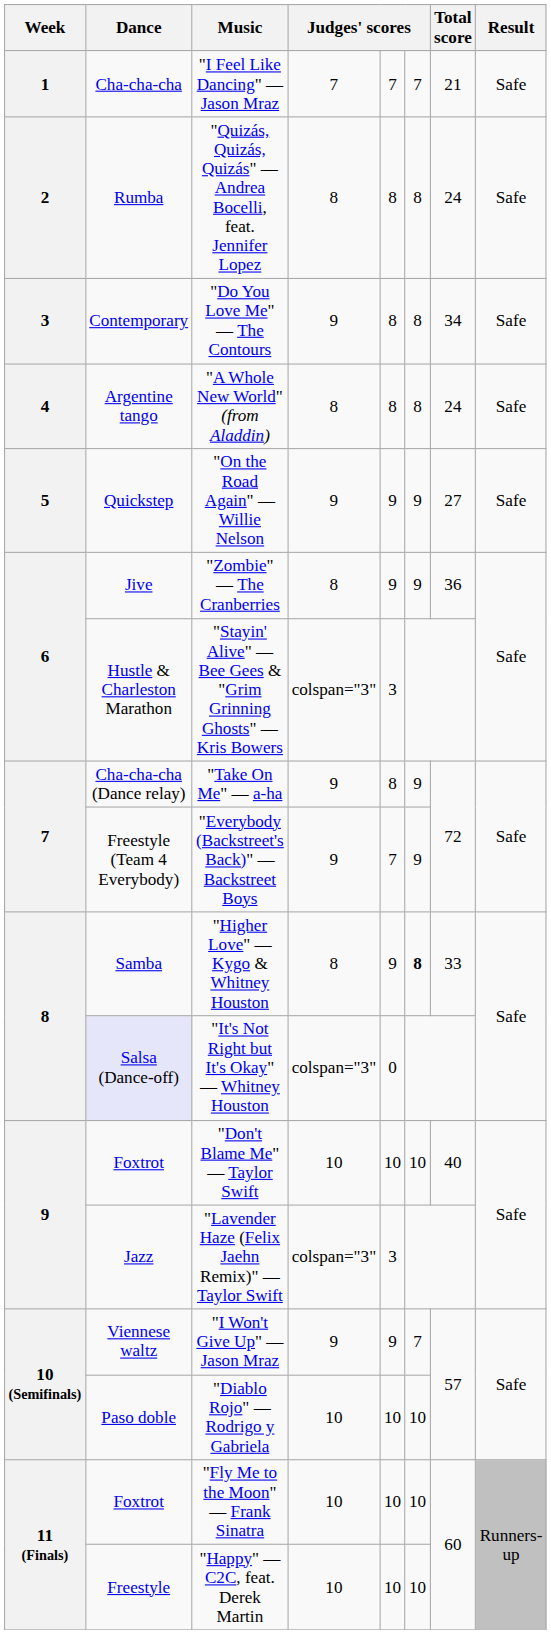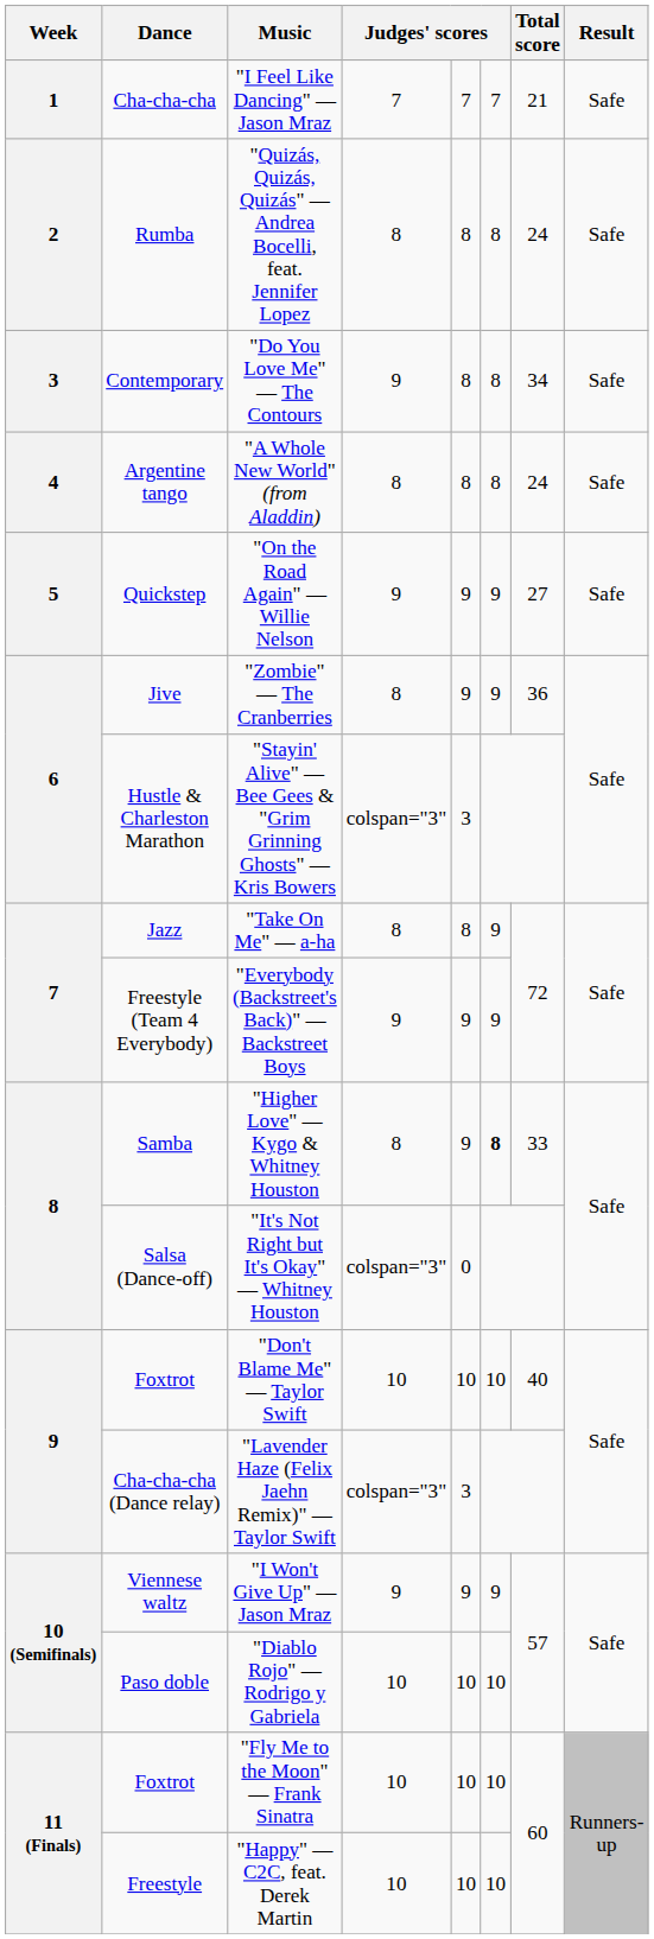 <table class="wikitable unsortable" style="text-align:center; width:80%">
 <tr>
 <th scope="col">Week</th>
 <th scope="col">Dance</th>
 <th scope="col">Music</th>
 <th scope="col" colspan="3">Judges' scores</th>
 <th scope="col">Total score</th>
 <th scope="col">Result</th>
 </tr>
 <tr>
 <th scope="row">1</th>
 <td><a href='#'>Cha-cha-cha</a></td>
 <td>"<a href='#'>I Feel Like Dancing</a>" — <a href='#'>Jason Mraz</a></td>
 <td>7</td>
 <td>7</td>
 <td>7</td>
 <td>21</td>
 <td>Safe</td>
 </tr>
 <tr>
 <th scope="row">2</th>
 <td><a href='#'>Rumba</a></td>
 <td>"<a href='#'>Quizás, Quizás, Quizás</a>" — <a href='#'>Andrea Bocelli</a>, feat. <a href='#'>Jennifer Lopez</a></td>
 <td>8</td>
 <td>8</td>
 <td>8</td>
 <td>24</td>
 <td>Safe</td>
 </tr>
 <tr>
 <th scope="row">3</th>
 <td><a href='#'>Contemporary</a></td>
 <td>"<a href='#'>Do You Love Me</a>" — <a href='#'>The Contours</a></td>
 <td>9</td>
 <td>8</td>
 <td>8</td>
 <td>34</td>
 <td>Safe</td>
 </tr>
 <tr>
 <th scope="row">4</th>
 <td><a href='#'>Argentine tango</a></td>
 <td>"<a href='#'>A Whole New World</a>" <em>(from <a href='#'>Aladdin</a>)</em></td>
 <td>8</td>
 <td>8</td>
 <td>8</td>
 <td>24</td>
 <td>Safe</td>
 </tr>
 <tr>
 <th scope="row">5</th>
 <td><a href='#'>Quickstep</a></td>
 <td>"<a href='#'>On the Road Again</a>" — <a href='#'>Willie Nelson</a></td>
 <td>9</td>
 <td>9</td>
 <td>9</td>
 <td>27</td>
 <td>Safe</td>
 </tr>
 <tr>
 <th rowspan="2" scope="row">6</th>
 <td><a href='#'>Jive</a></td>
 <td>"<a href='#'>Zombie</a>" — <a href='#'>The Cranberries</a></td>
 <td>8</td>
 <td>9</td>
 <td>9</td>
 <td>36</td>
 <td rowspan="2">Safe</td>
 </tr>
 <tr>
 <td><a href='#'>Hustle</a> &<br><a href='#'>Charleston</a><br>Marathon</td>
 <td>"<a href='#'>Stayin' Alive</a>" — <a href='#'>Bee Gees</a> &<br>"<a href='#'>Grim Grinning Ghosts</a>" — <a href='#'>Kris Bowers</a></td>
 <td>colspan="3" </td>
 <td>3</td>
 </tr>
 <tr>
 <th rowspan="2" scope="row">7</th>
-<td><a href='#'>Cha-cha-cha</a><br>(Dance relay)</td>
+<td><a href='#'>Jazz</a></td>
 <td>"<a href='#'>Take On Me</a>" — <a href='#'>a-ha</a></td>
-<td>9</td>
+<td>8</td>
 <td>8</td>
 <td>9</td>
 <td rowspan="2">72</td>
 <td rowspan="2">Safe</td>
 </tr>
 <tr>
 <td>Freestyle<br>(Team 4 Everybody)</td>
 <td>"<a href='#'>Everybody (Backstreet's Back)</a>" — <a href='#'>Backstreet Boys</a></td>
 <td>9</td>
-<td>7</td>
+<td>9</td>
 <td>9</td>
 </tr>
 <tr>
 <th rowspan="2" scope="row">8</th>
 <td><a href='#'>Samba</a></td>
 <td>"<a href='#'>Higher Love</a>" — <a href='#'>Kygo</a> & <a href='#'>Whitney Houston</a></td>
 <td>8</td>
 <td>9</td>
 <td><strong>8</strong></td>
 <td>33</td>
 <td rowspan="2">Safe</td>
 </tr>
 <tr>
-<td style="background: lavender;"><a href='#'>Salsa</a><br>(Dance-off)</td>
+<td><a href='#'>Salsa</a><br>(Dance-off)</td>
 <td>"<a href='#'>It's Not Right but It's Okay</a>" — <a href='#'>Whitney Houston</a></td>
 <td>colspan="3" </td>
 <td>0</td>
 </tr>
 <tr>
 <th rowspan="2" scope="row">9</th>
 <td><a href='#'>Foxtrot</a></td>
 <td>"<a href='#'>Don't Blame Me</a>" — <a href='#'>Taylor Swift</a></td>
 <td>10</td>
 <td>10</td>
 <td>10</td>
 <td>40</td>
 <td rowspan="2">Safe</td>
 </tr>
 <tr>
-<td><a href='#'>Jazz</a></td>
+<td><a href='#'>Cha-cha-cha</a><br>(Dance relay)</td>
 <td>"<a href='#'>Lavender Haze</a> (<a href='#'>Felix Jaehn</a> Remix)" — <a href='#'>Taylor Swift</a></td>
 <td>colspan="3" </td>
 <td>3</td>
 </tr>
 <tr>
 <th rowspan="2" scope="row">10<br><small>(Semifinals)</small></th>
 <td><a href='#'>Viennese waltz</a></td>
 <td>"<a href='#'>I Won't Give Up</a>" — <a href='#'>Jason Mraz</a></td>
 <td>9</td>
 <td>9</td>
-<td>7</td>
+<td>9</td>
 <td rowspan="2">57</td>
 <td rowspan="2">Safe</td>
 </tr>
 <tr>
 <td><a href='#'>Paso doble</a></td>
 <td>"<a href='#'>Diablo Rojo</a>" — <a href='#'>Rodrigo y Gabriela</a></td>
 <td>10</td>
 <td>10</td>
 <td>10</td>
 </tr>
 <tr>
 <th rowspan="2" scope="row">11<br><small>(Finals)</small></th>
 <td><a href='#'>Foxtrot</a></td>
 <td>"<a href='#'>Fly Me to the Moon</a>" — <a href='#'>Frank Sinatra</a></td>
 <td>10</td>
 <td>10</td>
 <td>10</td>
 <td rowspan="2">60</td>
 <td rowspan="2" bgcolor=silver>Runners-up</td>
 </tr>
 <tr>
 <td><a href='#'>Freestyle</a></td>
 <td>"<a href='#'>Happy</a>" — <a href='#'>C2C</a>, feat. Derek Martin</td>
 <td>10</td>
 <td>10</td>
 <td>10</td>
 </tr>
 </table>
